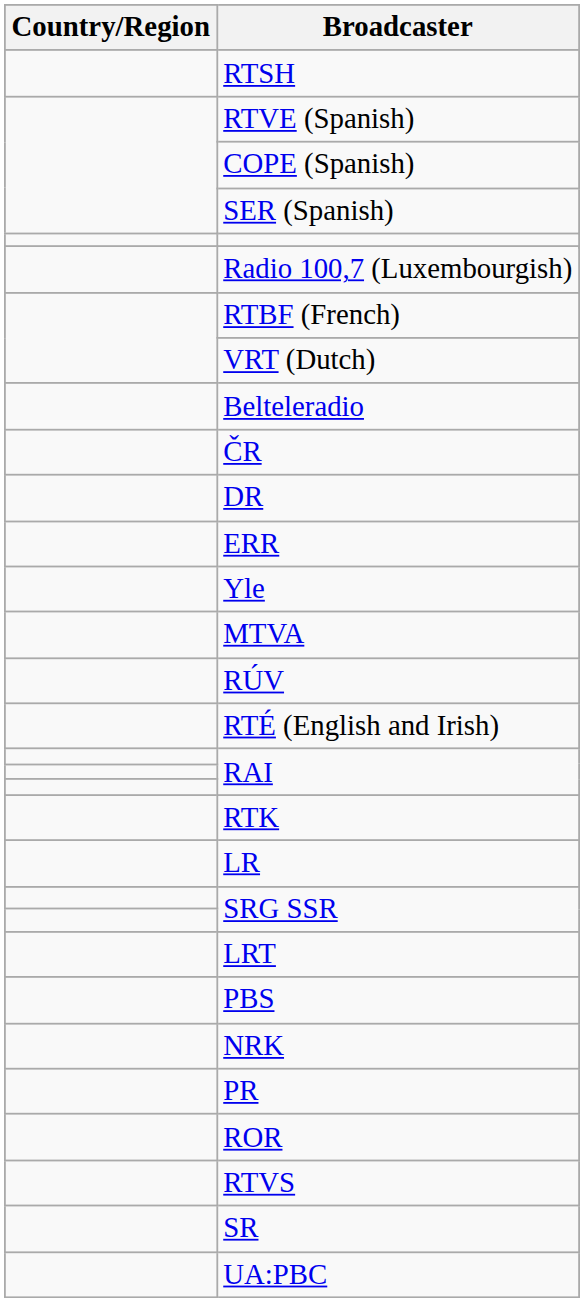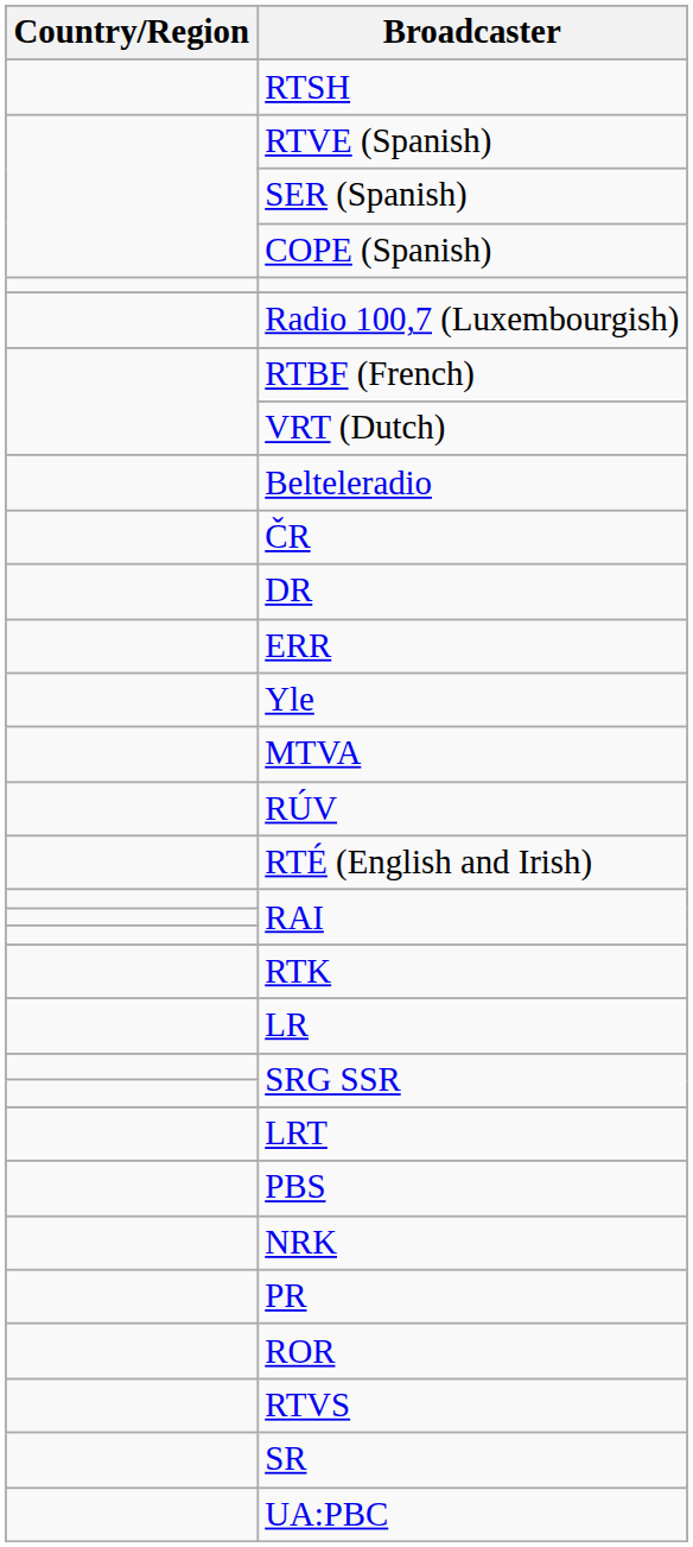 <table class="wikitable">
 <tr>
 <th>Country/Region</th>
 <th>Broadcaster</th>
 </tr>
 <tr>
 <td></td>
 <td><a href='#'>RTSH</a></td>
 </tr>
 <tr>
 <td rowspan="4"></td>
 <td><a href='#'>RTVE</a> (Spanish)</td>
 </tr>
 <tr>
-<td><a href='#'>COPE</a> (Spanish)</td>
+<td><a href='#'>SER</a> (Spanish)</td>
 </tr>
 <tr>
-<td><a href='#'>SER</a> (Spanish)</td>
+<td><a href='#'>COPE</a> (Spanish)</td>
 </tr>
 <tr>
 <td rowspan="3"></td>
 </tr>
 <tr>
 <td></td>
 </tr>
 <tr>
 <td rowspan="3"></td>
 </tr>
 <tr>
 <td><a href='#'>Radio 100,7</a> (Luxembourgish)</td>
 </tr>
 <tr>
 <td rowspan="2"><a href='#'>RTBF</a> (French)</td>
 </tr>
 <tr>
 <td rowspan="2"></td>
 </tr>
 <tr>
 <td><a href='#'>VRT</a> (Dutch)</td>
 </tr>
 <tr>
 <td></td>
 <td><a href='#'>Belteleradio</a></td>
 </tr>
 <tr>
 <td></td>
 <td><a href='#'>ČR</a></td>
 </tr>
 <tr>
 <td></td>
 <td><a href='#'>DR</a></td>
 </tr>
 <tr>
 <td></td>
 <td><a href='#'>ERR</a></td>
 </tr>
 <tr>
 <td></td>
 <td><a href='#'>Yle</a></td>
 </tr>
 <tr>
 <td></td>
 <td><a href='#'>MTVA</a></td>
 </tr>
 <tr>
 <td></td>
 <td><a href='#'>RÚV</a></td>
 </tr>
 <tr>
 <td></td>
 <td><a href='#'>RTÉ</a> (English and Irish)</td>
 </tr>
 <tr>
 <td></td>
 <td rowspan="3"><a href='#'>RAI</a></td>
 </tr>
 <tr>
 <td></td>
 </tr>
 <tr>
 <td></td>
 </tr>
 <tr>
 <td></td>
 <td><a href='#'>RTK</a></td>
 </tr>
 <tr>
 <td></td>
 <td><a href='#'>LR</a></td>
 </tr>
 <tr>
 <td></td>
 <td rowspan="2"><a href='#'>SRG SSR</a></td>
 </tr>
 <tr>
 <td></td>
 </tr>
 <tr>
 <td></td>
 <td><a href='#'>LRT</a></td>
 </tr>
 <tr>
 <td></td>
 <td><a href='#'>PBS</a></td>
 </tr>
 <tr>
 <td></td>
 <td><a href='#'>NRK</a></td>
 </tr>
 <tr>
 <td></td>
 <td><a href='#'>PR</a></td>
 </tr>
 <tr>
 <td></td>
 <td><a href='#'>ROR</a></td>
 </tr>
 <tr>
 <td></td>
 <td><a href='#'>RTVS</a></td>
 </tr>
 <tr>
 <td></td>
 <td><a href='#'>SR</a></td>
 </tr>
 <tr>
 <td></td>
 <td><a href='#'>UA:PBC</a></td>
 </tr>
 </table>
